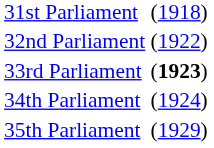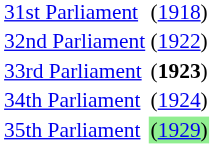 <table id=toc style="float:right">
 <tr>
 <td><a href='#'>31st Parliament</a></td>
 <td>(<a href='#'>1918</a>)</td>
 </tr>
 <tr>
 <td><a href='#'>32nd Parliament</a></td>
 <td>(<a href='#'>1922</a>)</td>
 </tr>
 <tr>
 <td><a href='#'>33rd Parliament</a></td>
 <td>(<strong>1923</strong>)</td>
 </tr>
 <tr>
 <td><a href='#'>34th Parliament</a></td>
 <td>(<a href='#'>1924</a>)</td>
 </tr>
 <tr>
 <td><a href='#'>35th Parliament</a></td>
-<td>(<a href='#'>1929</a>)</td>
+<td style="background: lightgreen;">(<a href='#'>1929</a>)</td>
 </tr>
 </table>
